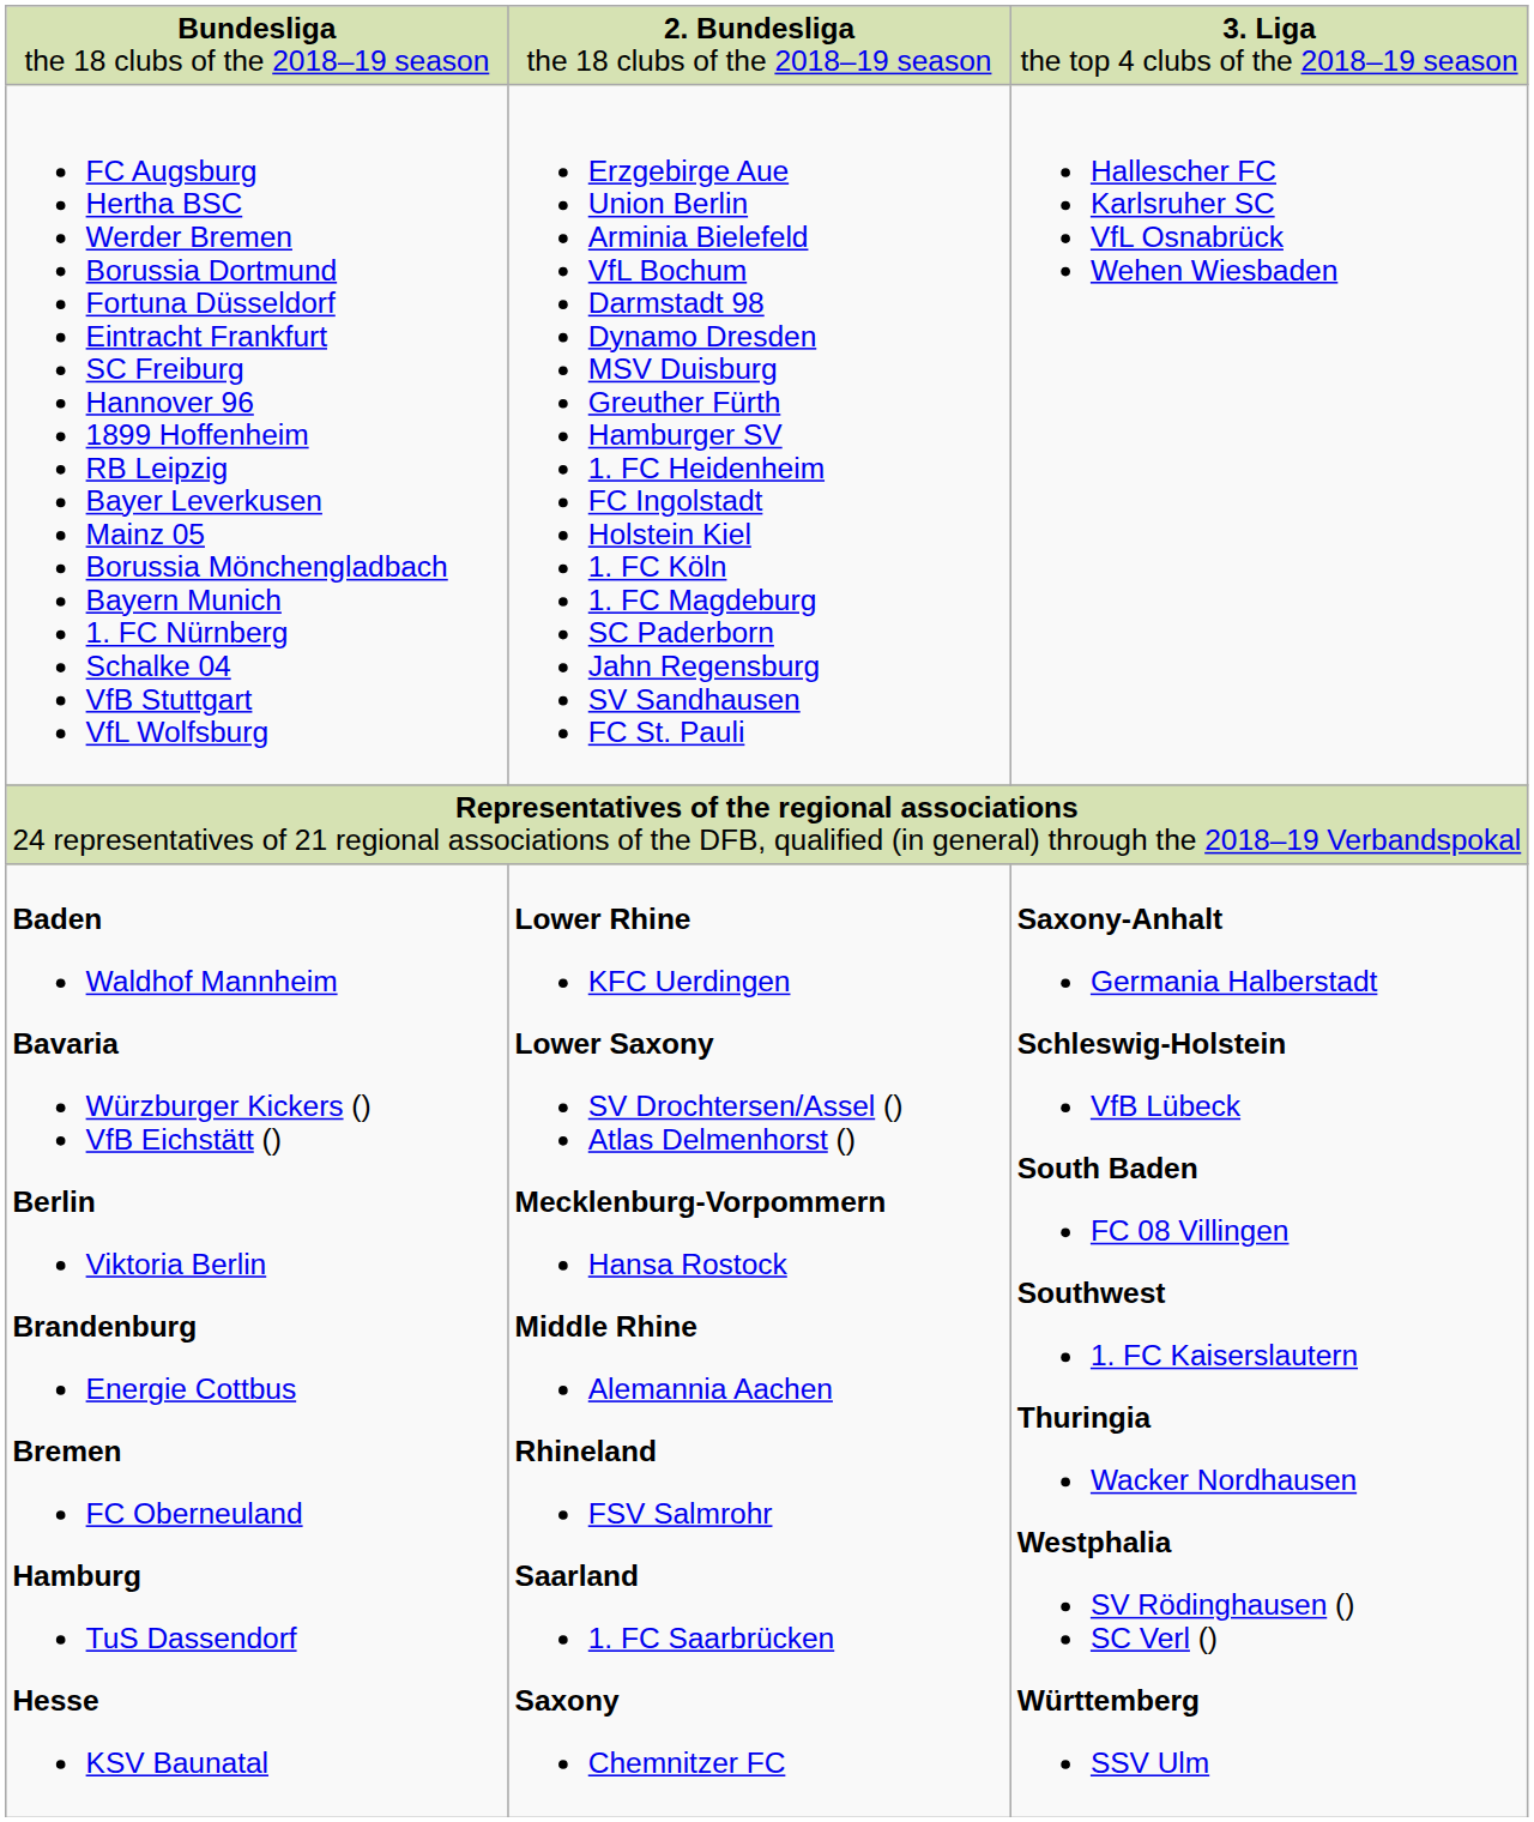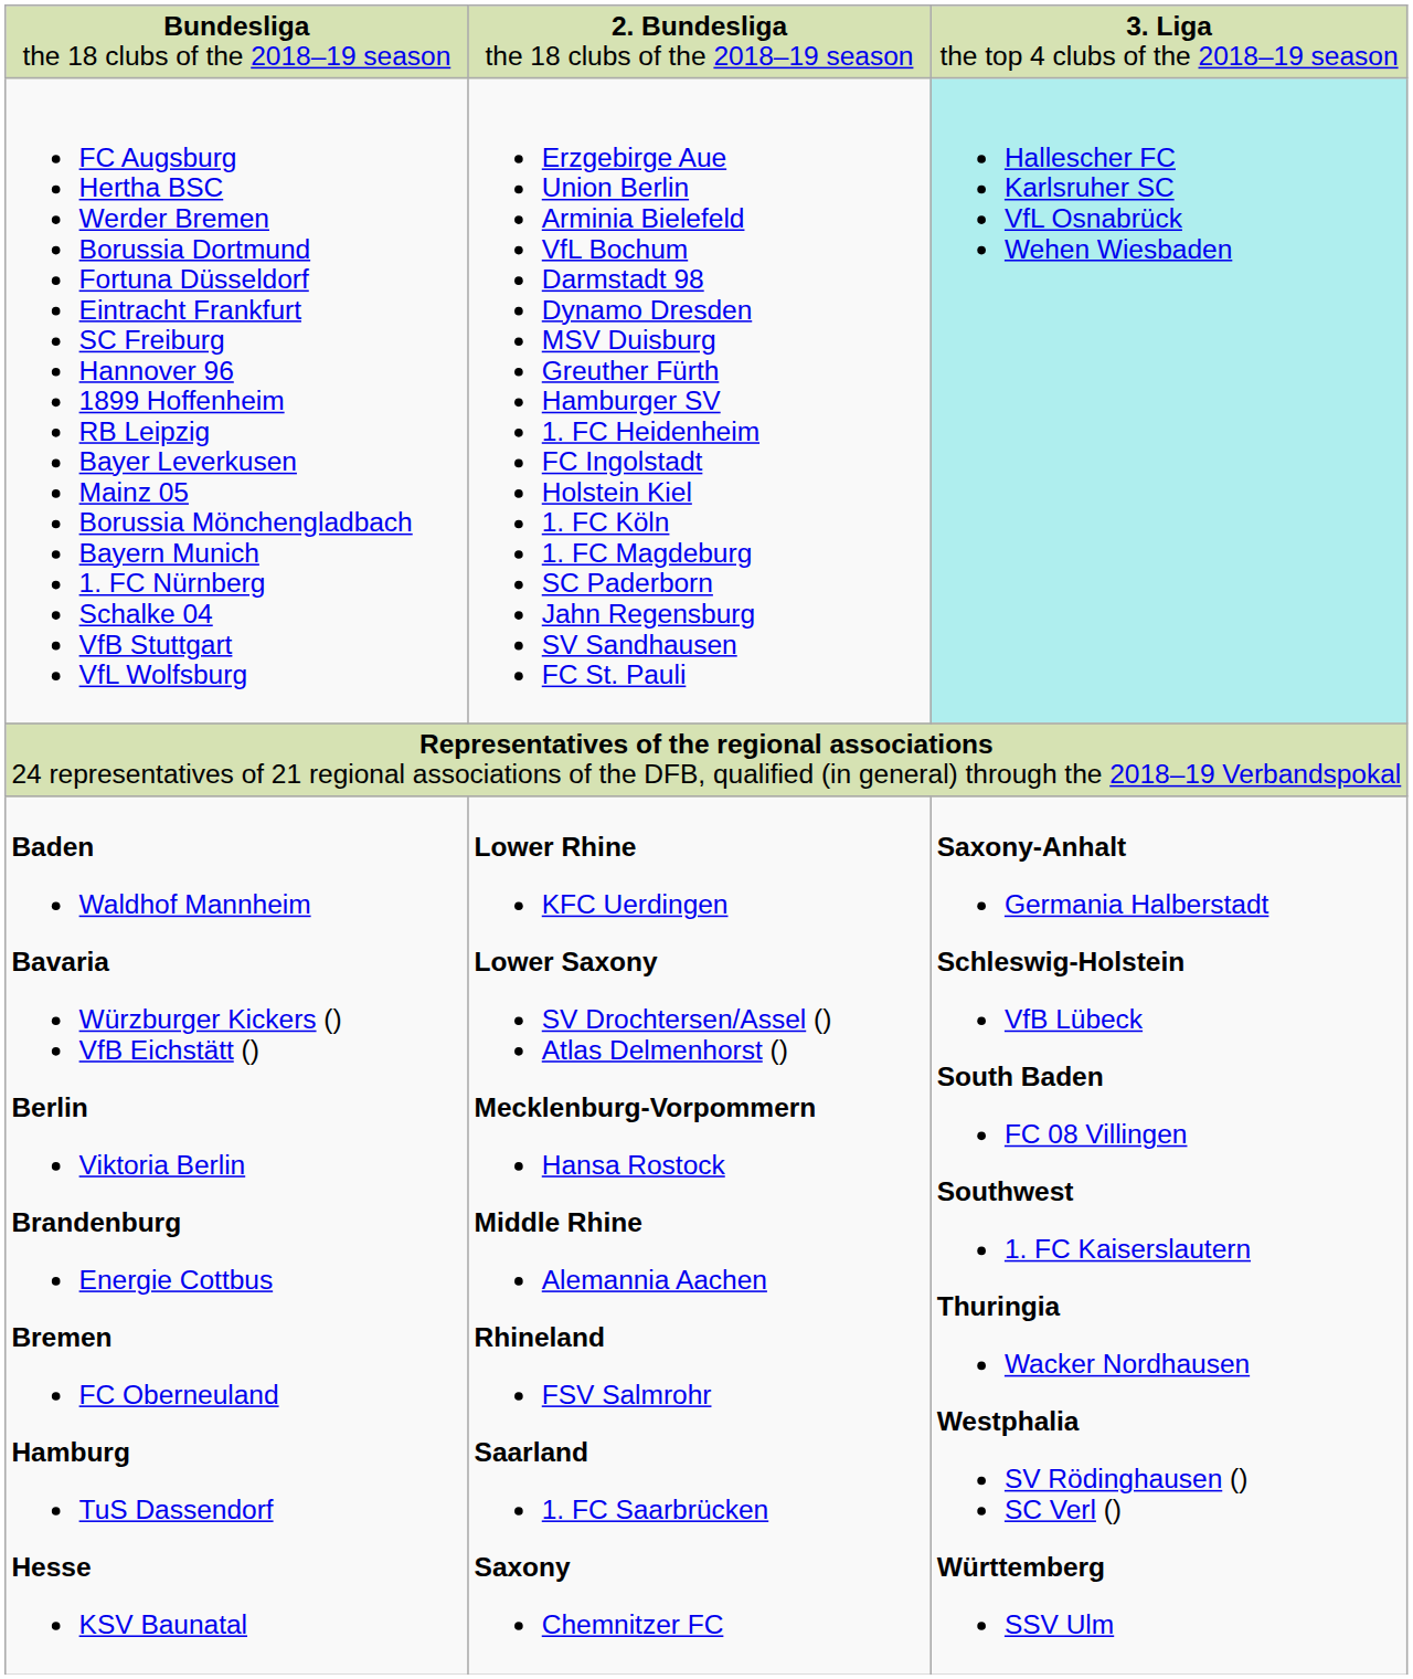 <table class="wikitable">
 <tr style="background:#D6E2B3; text-align:center; vertical-align:top;">
 <td style="width:33%"><strong>Bundesliga</strong><br>the 18 clubs of the <a href='#'>2018–19 season</a></td>
 <td style="width:33%"><strong>2. Bundesliga</strong><br>the 18 clubs of the <a href='#'>2018–19 season</a></td>
 <td style="width:34%"><strong>3. Liga</strong><br>the top 4 clubs of the <a href='#'>2018–19 season</a></td>
 </tr>
 <tr style="vertical-align:top">
 <td><br><ul><li><a href='#'>FC Augsburg</a></li><li><a href='#'>Hertha BSC</a></li><li><a href='#'>Werder Bremen</a></li><li><a href='#'>Borussia Dortmund</a></li><li><a href='#'>Fortuna Düsseldorf</a></li><li><a href='#'>Eintracht Frankfurt</a></li><li><a href='#'>SC Freiburg</a></li><li><a href='#'>Hannover 96</a></li><li><a href='#'>1899 Hoffenheim</a></li><li><a href='#'>RB Leipzig</a></li><li><a href='#'>Bayer Leverkusen</a></li><li><a href='#'>Mainz 05</a></li><li><a href='#'>Borussia Mönchengladbach</a></li><li><a href='#'>Bayern Munich</a></li><li><a href='#'>1. FC Nürnberg</a></li><li><a href='#'>Schalke 04</a></li><li><a href='#'>VfB Stuttgart</a></li><li><a href='#'>VfL Wolfsburg</a></li></ul></td>
 <td><br><ul><li><a href='#'>Erzgebirge Aue</a></li><li><a href='#'>Union Berlin</a></li><li><a href='#'>Arminia Bielefeld</a></li><li><a href='#'>VfL Bochum</a></li><li><a href='#'>Darmstadt 98</a></li><li><a href='#'>Dynamo Dresden</a></li><li><a href='#'>MSV Duisburg</a></li><li><a href='#'>Greuther Fürth</a></li><li><a href='#'>Hamburger SV</a></li><li><a href='#'>1. FC Heidenheim</a></li><li><a href='#'>FC Ingolstadt</a></li><li><a href='#'>Holstein Kiel</a></li><li><a href='#'>1. FC Köln</a></li><li><a href='#'>1. FC Magdeburg</a></li><li><a href='#'>SC Paderborn</a></li><li><a href='#'>Jahn Regensburg</a></li><li><a href='#'>SV Sandhausen</a></li><li><a href='#'>FC St. Pauli</a></li></ul></td>
-<td><br><ul><li><a href='#'>Hallescher FC</a></li><li><a href='#'>Karlsruher SC</a></li><li><a href='#'>VfL Osnabrück</a></li><li><a href='#'>Wehen Wiesbaden</a></li></ul></td>
+<td style="background: paleturquoise;"><br><ul><li><a href='#'>Hallescher FC</a></li><li><a href='#'>Karlsruher SC</a></li><li><a href='#'>VfL Osnabrück</a></li><li><a href='#'>Wehen Wiesbaden</a></li></ul></td>
 </tr>
 <tr style="background:#D6E2B3; text-align:center;">
 <td colspan="3"><strong>Representatives of the regional associations</strong><br>24 representatives of 21 regional associations of the DFB, qualified (in general) through the <a href='#'>2018–19 Verbandspokal</a></td>
 </tr>
 <tr style="vertical-align:top">
 <td><br><strong>Baden</strong><ul><li><a href='#'>Waldhof Mannheim</a></li></ul><strong>Bavaria</strong><ul><li><a href='#'>Würzburger Kickers</a> ()</li><li><a href='#'>VfB Eichstätt</a> ()</li></ul><strong>Berlin</strong><ul><li><a href='#'>Viktoria Berlin</a></li></ul><strong>Brandenburg</strong><ul><li><a href='#'>Energie Cottbus</a></li></ul><strong>Bremen</strong><ul><li><a href='#'>FC Oberneuland</a></li></ul><strong>Hamburg</strong><ul><li><a href='#'>TuS Dassendorf</a></li></ul><strong>Hesse</strong><ul><li><a href='#'>KSV Baunatal</a></li></ul></td>
 <td><br><strong>Lower Rhine</strong><ul><li><a href='#'>KFC Uerdingen</a></li></ul><strong>Lower Saxony</strong><ul><li><a href='#'>SV Drochtersen/Assel</a> ()</li><li><a href='#'>Atlas Delmenhorst</a> ()</li></ul><strong>Mecklenburg-Vorpommern</strong><ul><li><a href='#'>Hansa Rostock</a></li></ul><strong>Middle Rhine</strong><ul><li><a href='#'>Alemannia Aachen</a></li></ul><strong>Rhineland</strong><ul><li><a href='#'>FSV Salmrohr</a></li></ul><strong>Saarland</strong><ul><li><a href='#'>1. FC Saarbrücken</a></li></ul><strong>Saxony</strong><ul><li><a href='#'>Chemnitzer FC</a></li></ul></td>
 <td><br><strong>Saxony-Anhalt</strong><ul><li><a href='#'>Germania Halberstadt</a></li></ul><strong>Schleswig-Holstein</strong><ul><li><a href='#'>VfB Lübeck</a></li></ul><strong>South Baden</strong><ul><li><a href='#'>FC 08 Villingen</a></li></ul><strong>Southwest</strong><ul><li><a href='#'>1. FC Kaiserslautern</a></li></ul><strong>Thuringia</strong><ul><li><a href='#'>Wacker Nordhausen</a></li></ul><strong>Westphalia</strong><ul><li><a href='#'>SV Rödinghausen</a> ()</li><li><a href='#'>SC Verl</a> ()</li></ul><strong>Württemberg</strong><ul><li><a href='#'>SSV Ulm</a></li></ul></td>
 </tr>
 </table>
